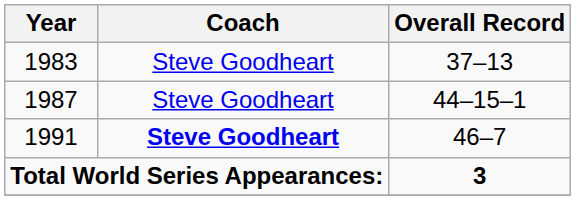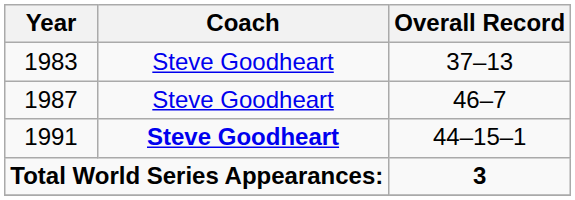 <table class="wikitable" style="text-align:center">
 <tr>
 <th>Year</th>
 <th>Coach</th>
 <th>Overall Record</th>
 </tr>
 <tr align="center">
 <td>1983</td>
 <td><a href='#'>Steve Goodheart</a></td>
 <td>37–13</td>
 </tr>
 <tr align="center">
 <td>1987</td>
 <td><a href='#'>Steve Goodheart</a></td>
-<td>44–15–1</td>
+<td>46–7</td>
 </tr>
 <tr align="center">
 <td>1991</td>
 <td><strong><a href='#'>Steve Goodheart</a></strong></td>
-<td>46–7</td>
+<td>44–15–1</td>
 </tr>
 <tr align="center">
 <td colspan=2><strong>Total World Series Appearances:</strong></td>
 <td colspan=1><strong>3</strong></td>
 </tr>
 <tr>
 </tr>
 </table>
